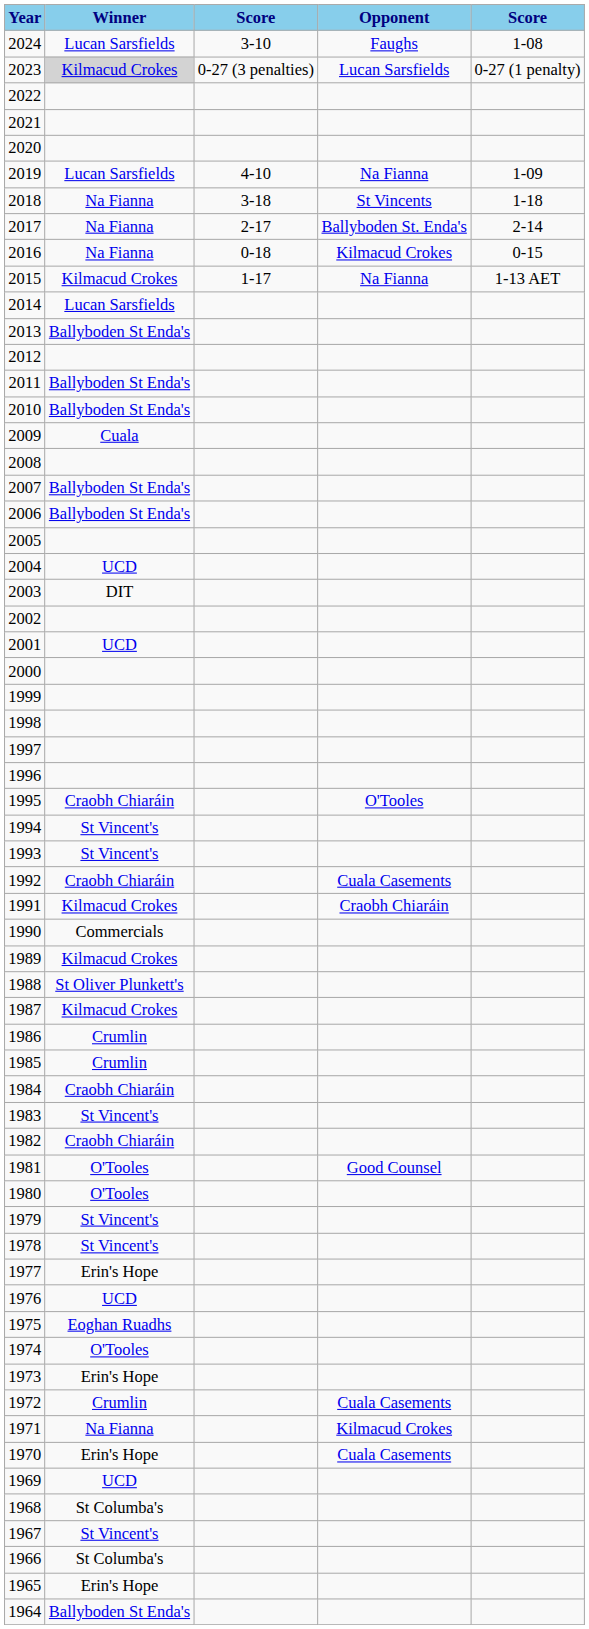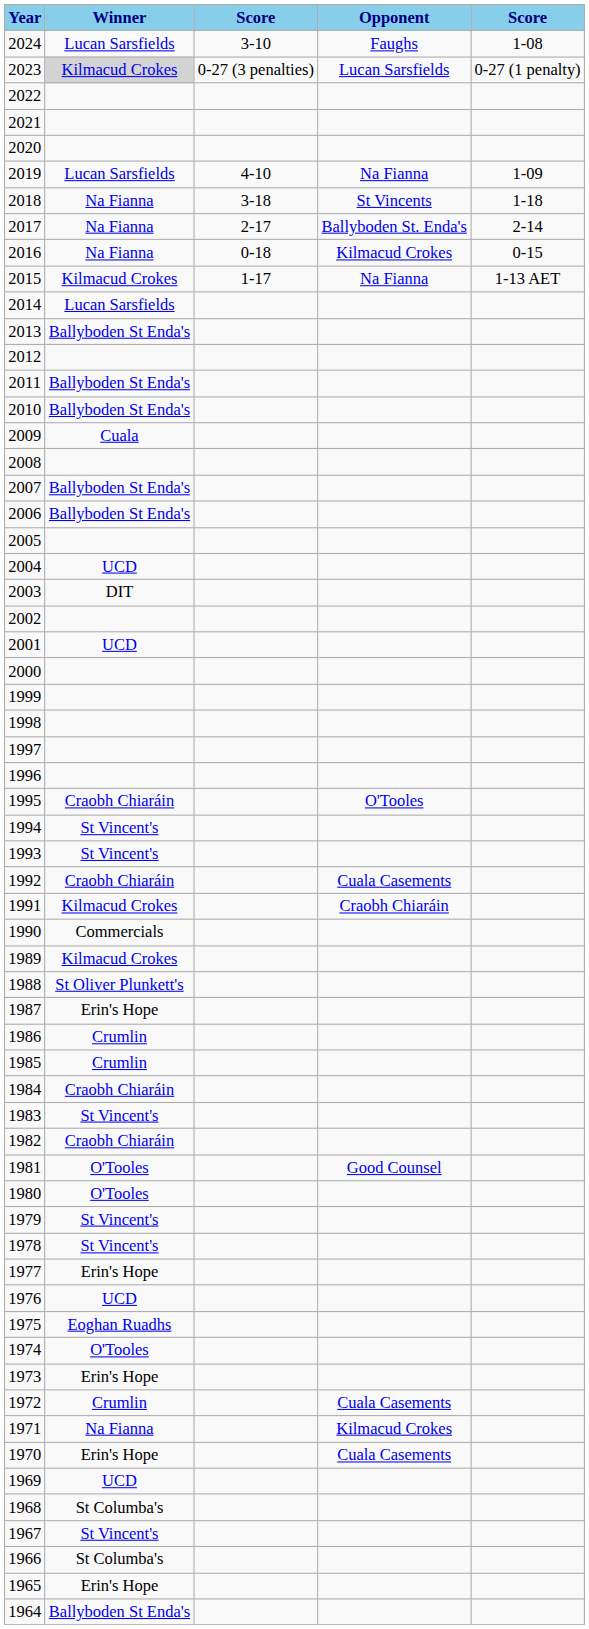 <table class="wikitable" style="text-align:center;">
 <tr>
 <th style="background:skyblue;color:navy;">Year</th>
 <th style="background:skyblue;color:navy;">Winner</th>
 <th style="background:skyblue;color:navy;">Score</th>
 <th style="background:skyblue;color:navy;">Opponent</th>
 <th style="background:skyblue;color:navy;">Score</th>
 </tr>
 <tr>
 <td>2024</td>
 <td><a href='#'>Lucan Sarsfields</a></td>
 <td>3-10</td>
 <td><a href='#'>Faughs</a></td>
 <td>1-08</td>
 </tr>
 <tr>
 <td>2023</td>
 <td style="background: lightgrey;"><a href='#'>Kilmacud Crokes</a></td>
 <td>0-27 (3 penalties)</td>
 <td><a href='#'>Lucan Sarsfields</a></td>
 <td>0-27 (1 penalty)</td>
 </tr>
 <tr>
 <td>2022</td>
 <td></td>
 <td></td>
 <td></td>
 <td></td>
 </tr>
 <tr>
 <td>2021</td>
 <td></td>
 <td></td>
 <td></td>
 <td></td>
 </tr>
 <tr>
 <td>2020</td>
 <td></td>
 <td></td>
 <td></td>
 <td></td>
 </tr>
 <tr>
 <td>2019</td>
 <td><a href='#'>Lucan Sarsfields</a></td>
 <td>4-10</td>
 <td><a href='#'>Na Fianna</a></td>
 <td>1-09</td>
 </tr>
 <tr>
 <td>2018</td>
 <td><a href='#'>Na Fianna</a></td>
 <td>3-18</td>
 <td><a href='#'>St Vincents</a></td>
 <td>1-18</td>
 </tr>
 <tr>
 <td>2017</td>
 <td><a href='#'>Na Fianna</a></td>
 <td>2-17</td>
 <td><a href='#'>Ballyboden St. Enda's</a></td>
 <td>2-14</td>
 </tr>
 <tr>
 <td>2016</td>
 <td><a href='#'>Na Fianna</a></td>
 <td>0-18</td>
 <td><a href='#'>Kilmacud Crokes</a></td>
 <td>0-15</td>
 </tr>
 <tr>
 <td>2015</td>
 <td><a href='#'>Kilmacud Crokes</a></td>
 <td>1-17</td>
 <td><a href='#'>Na Fianna</a></td>
 <td>1-13 AET</td>
 </tr>
 <tr>
 <td>2014</td>
 <td><a href='#'>Lucan Sarsfields</a></td>
 <td></td>
 <td></td>
 <td></td>
 </tr>
 <tr>
 <td>2013</td>
 <td><a href='#'>Ballyboden St Enda's</a></td>
 <td></td>
 <td></td>
 <td></td>
 </tr>
 <tr>
 <td>2012</td>
 <td></td>
 <td></td>
 <td></td>
 <td></td>
 </tr>
 <tr>
 <td>2011</td>
 <td><a href='#'>Ballyboden St Enda's</a></td>
 <td></td>
 <td></td>
 <td></td>
 </tr>
 <tr>
 <td>2010</td>
 <td><a href='#'>Ballyboden St Enda's</a></td>
 <td></td>
 <td></td>
 <td></td>
 </tr>
 <tr>
 <td>2009</td>
 <td><a href='#'>Cuala</a></td>
 <td></td>
 <td></td>
 <td></td>
 </tr>
 <tr>
 <td>2008</td>
 <td></td>
 <td></td>
 <td></td>
 <td></td>
 </tr>
 <tr>
 <td>2007</td>
 <td><a href='#'>Ballyboden St Enda's</a></td>
 <td></td>
 <td></td>
 <td></td>
 </tr>
 <tr>
 <td>2006</td>
 <td><a href='#'>Ballyboden St Enda's</a></td>
 <td></td>
 <td></td>
 <td></td>
 </tr>
 <tr>
 <td>2005</td>
 <td></td>
 <td></td>
 <td></td>
 <td></td>
 </tr>
 <tr>
 <td>2004</td>
 <td><a href='#'>UCD</a></td>
 <td></td>
 <td></td>
 <td></td>
 </tr>
 <tr>
 <td>2003</td>
 <td>DIT</td>
 <td></td>
 <td></td>
 <td></td>
 </tr>
 <tr>
 <td>2002</td>
 <td></td>
 <td></td>
 <td></td>
 <td></td>
 </tr>
 <tr>
 <td>2001</td>
 <td><a href='#'>UCD</a></td>
 <td></td>
 <td></td>
 <td></td>
 </tr>
 <tr>
 <td>2000</td>
 <td></td>
 <td></td>
 <td></td>
 <td></td>
 </tr>
 <tr>
 <td>1999</td>
 <td></td>
 <td></td>
 <td></td>
 <td></td>
 </tr>
 <tr>
 <td>1998</td>
 <td></td>
 <td></td>
 <td></td>
 <td></td>
 </tr>
 <tr>
 <td>1997</td>
 <td></td>
 <td></td>
 <td></td>
 <td></td>
 </tr>
 <tr>
 <td>1996</td>
 <td></td>
 <td></td>
 <td></td>
 <td></td>
 </tr>
 <tr>
 <td>1995</td>
 <td><a href='#'>Craobh Chiaráin</a></td>
 <td></td>
 <td><a href='#'>O'Tooles</a></td>
 <td></td>
 </tr>
 <tr>
 <td>1994</td>
 <td><a href='#'>St Vincent's</a></td>
 <td></td>
 <td></td>
 <td></td>
 </tr>
 <tr>
 <td>1993</td>
 <td><a href='#'>St Vincent's</a></td>
 <td></td>
 <td></td>
 <td></td>
 </tr>
 <tr>
 <td>1992</td>
 <td><a href='#'>Craobh Chiaráin</a></td>
 <td></td>
 <td><a href='#'>Cuala Casements</a></td>
 <td></td>
 </tr>
 <tr>
 <td>1991</td>
 <td><a href='#'>Kilmacud Crokes</a></td>
 <td></td>
 <td><a href='#'>Craobh Chiaráin</a></td>
 <td></td>
 </tr>
 <tr>
 <td>1990</td>
 <td>Commercials</td>
 <td></td>
 <td></td>
 <td></td>
 </tr>
 <tr>
 <td>1989</td>
 <td><a href='#'>Kilmacud Crokes</a></td>
 <td></td>
 <td></td>
 <td></td>
 </tr>
 <tr>
 <td>1988</td>
 <td><a href='#'>St Oliver Plunkett's</a></td>
 <td></td>
 <td></td>
 <td></td>
 </tr>
 <tr>
 <td>1987</td>
-<td><a href='#'>Kilmacud Crokes</a></td>
+<td>Erin's Hope</td>
 <td></td>
 <td></td>
 <td></td>
 </tr>
 <tr>
 <td>1986</td>
 <td><a href='#'>Crumlin</a></td>
 <td></td>
 <td></td>
 <td></td>
 </tr>
 <tr>
 <td>1985</td>
 <td><a href='#'>Crumlin</a></td>
 <td></td>
 <td></td>
 <td></td>
 </tr>
 <tr>
 <td>1984</td>
 <td><a href='#'>Craobh Chiaráin</a></td>
 <td></td>
 <td></td>
 <td></td>
 </tr>
 <tr>
 <td>1983</td>
 <td><a href='#'>St Vincent's</a></td>
 <td></td>
 <td></td>
 <td></td>
 </tr>
 <tr>
 <td>1982</td>
 <td><a href='#'>Craobh Chiaráin</a></td>
 <td></td>
 <td></td>
 <td></td>
 </tr>
 <tr>
 <td>1981</td>
 <td><a href='#'>O'Tooles</a></td>
 <td></td>
 <td><a href='#'>Good Counsel</a></td>
 <td></td>
 </tr>
 <tr>
 <td>1980</td>
 <td><a href='#'>O'Tooles</a></td>
 <td></td>
 <td></td>
 <td></td>
 </tr>
 <tr>
 <td>1979</td>
 <td><a href='#'>St Vincent's</a></td>
 <td></td>
 <td></td>
 <td></td>
 </tr>
 <tr>
 <td>1978</td>
 <td><a href='#'>St Vincent's</a></td>
 <td></td>
 <td></td>
 <td></td>
 </tr>
 <tr>
 <td>1977</td>
 <td>Erin's Hope</td>
 <td></td>
 <td></td>
 <td></td>
 </tr>
 <tr>
 <td>1976</td>
 <td><a href='#'>UCD</a></td>
 <td></td>
 <td></td>
 <td></td>
 </tr>
 <tr>
 <td>1975</td>
 <td><a href='#'>Eoghan Ruadhs</a></td>
 <td></td>
 <td></td>
 <td></td>
 </tr>
 <tr>
 <td>1974</td>
 <td><a href='#'>O'Tooles</a></td>
 <td></td>
 <td></td>
 <td></td>
 </tr>
 <tr>
 <td>1973</td>
 <td>Erin's Hope</td>
 <td></td>
 <td></td>
 <td></td>
 </tr>
 <tr>
 <td>1972</td>
 <td><a href='#'>Crumlin</a></td>
 <td></td>
 <td><a href='#'>Cuala Casements</a></td>
 <td></td>
 </tr>
 <tr>
 <td>1971</td>
 <td><a href='#'>Na Fianna</a></td>
 <td></td>
 <td><a href='#'>Kilmacud Crokes</a></td>
 <td></td>
 </tr>
 <tr>
 <td>1970</td>
 <td>Erin's Hope</td>
 <td></td>
 <td><a href='#'>Cuala Casements</a></td>
 <td></td>
 </tr>
 <tr>
 <td>1969</td>
 <td><a href='#'>UCD</a></td>
 <td></td>
 <td></td>
 <td></td>
 </tr>
 <tr>
 <td>1968</td>
 <td>St Columba's</td>
 <td></td>
 <td></td>
 <td></td>
 </tr>
 <tr>
 <td>1967</td>
 <td><a href='#'>St Vincent's</a></td>
 <td></td>
 <td></td>
 <td></td>
 </tr>
 <tr>
 <td>1966</td>
 <td>St Columba's</td>
 <td></td>
 <td></td>
 <td></td>
 </tr>
 <tr>
 <td>1965</td>
 <td>Erin's Hope</td>
 <td></td>
 <td></td>
 <td></td>
 </tr>
 <tr>
 <td>1964</td>
 <td><a href='#'>Ballyboden St Enda's</a></td>
 <td></td>
 <td></td>
 <td></td>
 </tr>
 </table>
